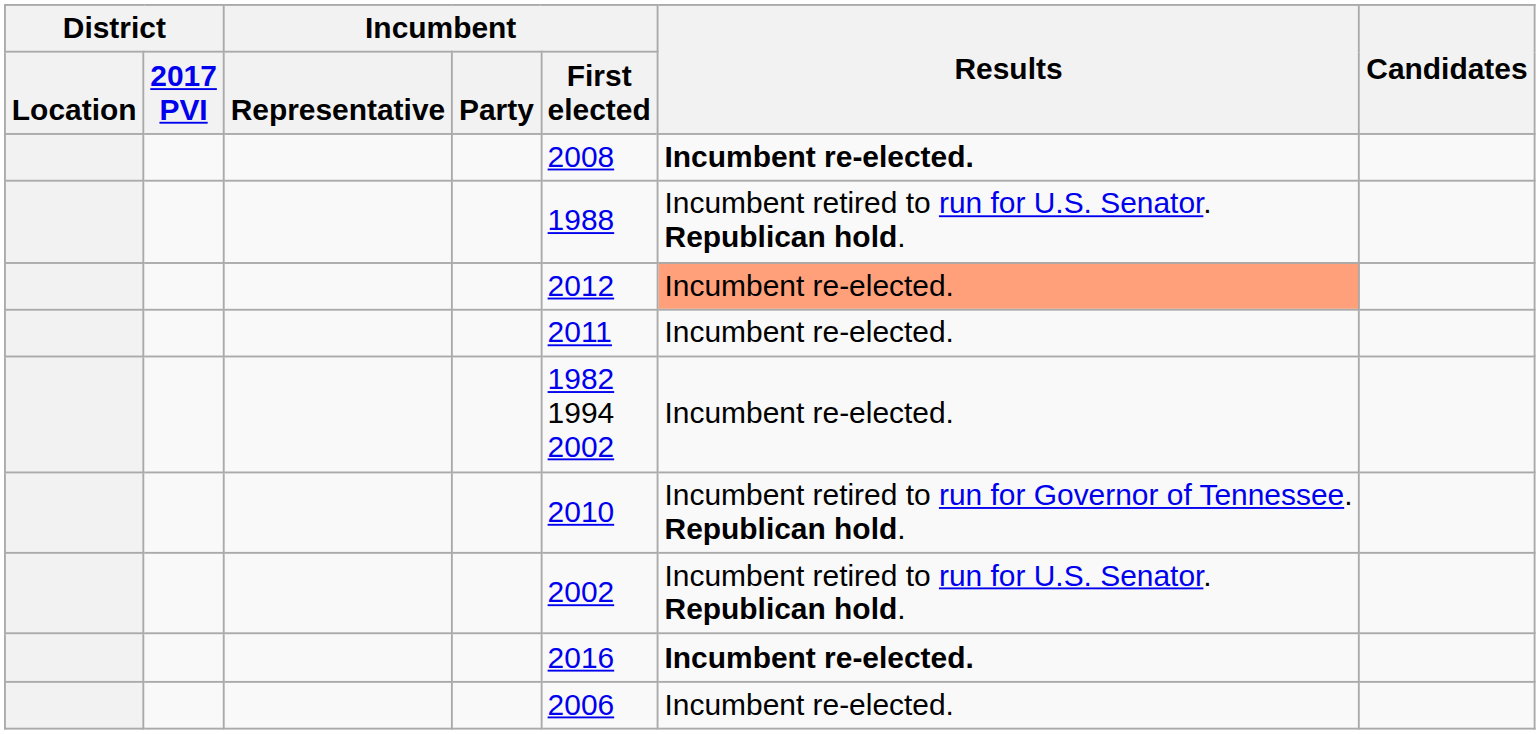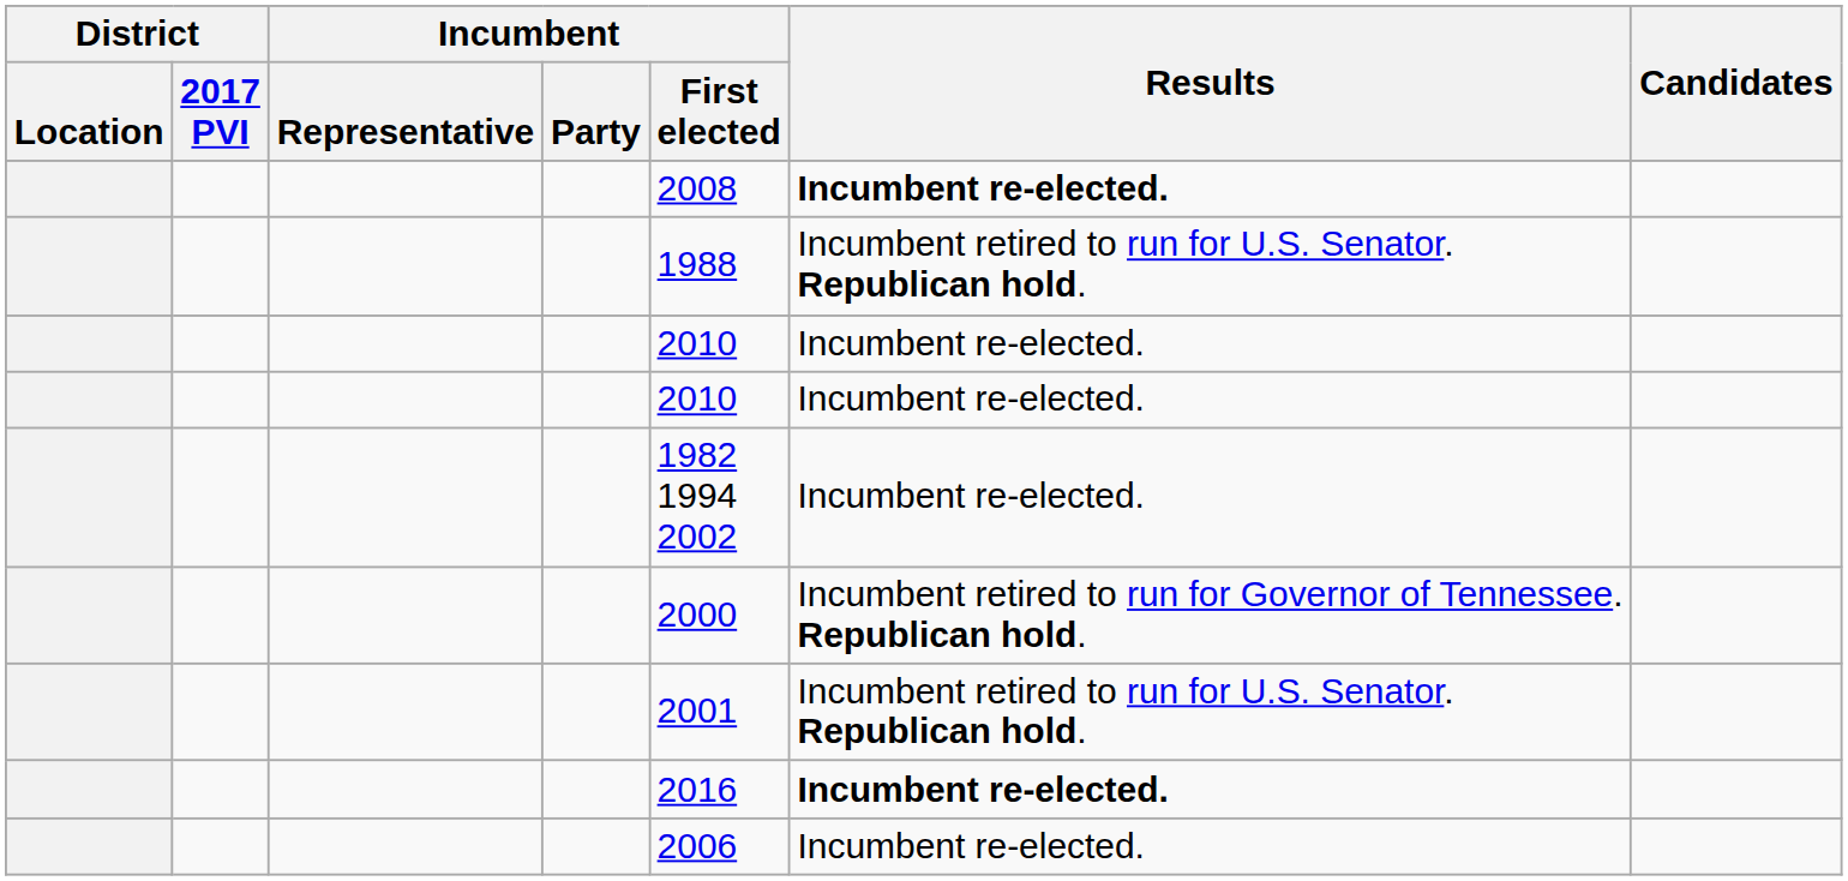 <table class="wikitable sortable">
 <tr>
 <th colspan=2>District</th>
 <th colspan=3>Incumbent</th>
 <th rowspan=2>Results</th>
 <th rowspan=2>Candidates</th>
 </tr>
 <tr valign=bottom>
 <th>Location</th>
 <th><a href='#'>2017<br>PVI</a></th>
 <th>Representative</th>
 <th>Party</th>
 <th>First<br>elected</th>
 </tr>
 <tr>
 <th></th>
 <td></td>
 <td></td>
 <td></td>
 <td><a href='#'>2008</a></td>
 <td><strong>Incumbent re-elected.</strong></td>
 <td nowrap></td>
 </tr>
 <tr>
 <th></th>
 <td></td>
 <td></td>
 <td></td>
 <td><a href='#'>1988 </a></td>
 <td>Incumbent retired to <a href='#'>run for U.S. Senator</a>.<br><strong>Republican hold</strong>.</td>
 <td nowrap><br></td>
 </tr>
 <tr>
 <th></th>
 <td></td>
 <td></td>
 <td></td>
-<td><a href='#'>2012</a></td>
-<td style="background: lightsalmon;">Incumbent re-elected.</td>
+<td><a href='#'>2010</a></td>
+<td>Incumbent re-elected.</td>
 <td nowrap></td>
 </tr>
 <tr>
 <th></th>
 <td></td>
 <td></td>
 <td></td>
-<td><a href='#'>2011</a></td>
+<td><a href='#'>2010</a></td>
 <td>Incumbent re-elected.</td>
 <td nowrap></td>
 </tr>
 <tr>
 <th></th>
 <td></td>
 <td></td>
 <td></td>
 <td><a href='#'>1982</a><br>1994 <br><a href='#'>2002</a></td>
 <td>Incumbent re-elected.</td>
 <td nowrap></td>
 </tr>
 <tr>
 <th></th>
 <td></td>
 <td></td>
 <td></td>
-<td><a href='#'>2010</a></td>
+<td><a href='#'>2000</a></td>
 <td>Incumbent retired to <a href='#'>run for Governor of Tennessee</a>.<br><strong>Republican hold</strong>.</td>
 <td nowrap></td>
 </tr>
 <tr>
 <th></th>
 <td></td>
 <td></td>
 <td></td>
-<td><a href='#'>2002</a></td>
+<td><a href='#'>2001</a></td>
 <td>Incumbent retired to <a href='#'>run for U.S. Senator</a>.<br><strong>Republican hold</strong>.</td>
 <td nowrap><br></td>
 </tr>
 <tr>
 <th></th>
 <td></td>
 <td></td>
 <td></td>
 <td><a href='#'>2016</a></td>
 <td><strong>Incumbent re-elected.</strong></td>
 <td nowrap></td>
 </tr>
 <tr>
 <th></th>
 <td></td>
 <td></td>
 <td></td>
 <td><a href='#'>2006</a></td>
 <td>Incumbent re-elected.</td>
 <td nowrap></td>
 </tr>
 </table>
